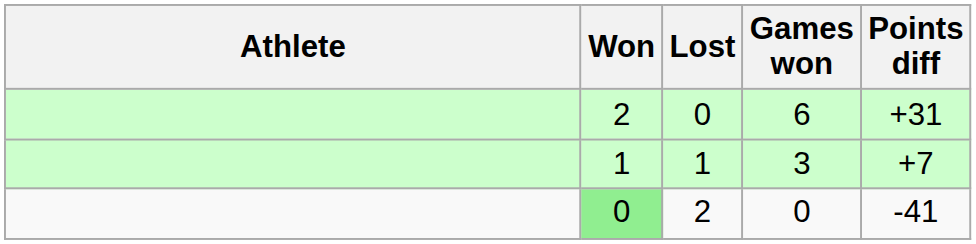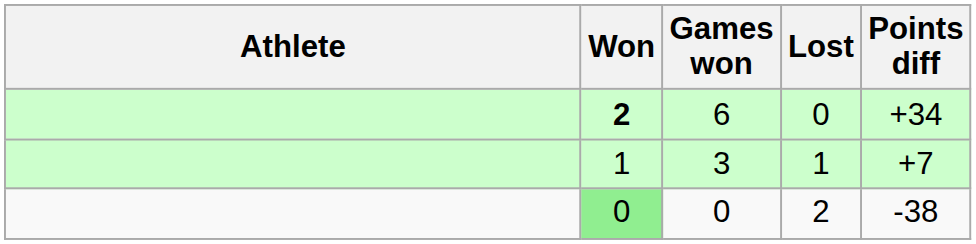 <table class="wikitable">
 <tr>
 <th style="width:18em">Athlete</th>
 <th>Won</th>
+<th>Games<br>won</th>
 <th>Lost</th>
-<th>Games<br>won</th>
 <th>Points<br>diff</th>
 </tr>
 <tr bgcolor="#ccffcc">
 <td></td>
-<td align="center">2</td>
+<td align="center"><strong>2</strong></td>
+<td align="center">6</td>
 <td align="center">0</td>
-<td align="center">6</td>
-<td align="center">+31</td>
+<td align="center">+34</td>
 </tr>
 <tr bgcolor="#ccffcc">
 <td></td>
 <td align="center">1</td>
+<td align="center">3</td>
 <td align="center">1</td>
-<td align="center">3</td>
 <td align="center">+7</td>
 </tr>
 <tr>
 <td></td>
 <td align="center" style="background: lightgreen;">0</td>
+<td align="center">0</td>
 <td align="center">2</td>
-<td align="center">0</td>
-<td align="center">-41</td>
+<td align="center">-38</td>
 </tr>
 </table>
